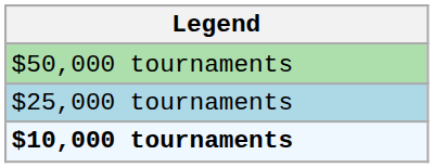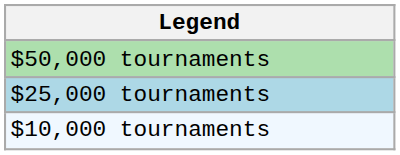 <table class="wikitable" style="font-size:85%;" width=15%>
 <tr>
 <th>Legend</th>
 </tr>
 <tr style="background:#addfad;">
 <td>$50,000 tournaments</td>
 </tr>
 <tr style="background:lightblue;">
 <td>$25,000 tournaments</td>
 </tr>
 <tr style="background:#f0f8ff;">
-<td><strong>$10,000 tournaments</strong></td>
+<td>$10,000 tournaments</td>
 </tr>
 </table>
